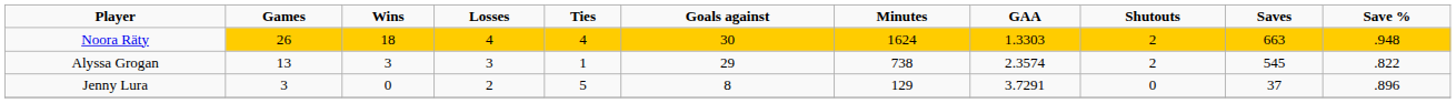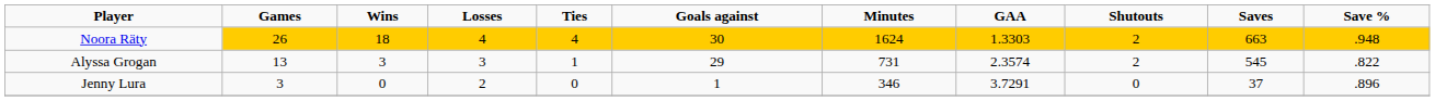 <table class="wikitable" width="80%" style="text-align:center;">
 <tr align="center">
 <td><strong>Player</strong></td>
 <td><strong>Games</strong></td>
 <td><strong>Wins</strong></td>
 <td><strong>Losses</strong></td>
 <td><strong>Ties</strong></td>
 <td><strong>Goals against</strong></td>
 <td><strong>Minutes</strong></td>
 <td><strong>GAA</strong></td>
 <td><strong>Shutouts</strong></td>
 <td><strong>Saves</strong></td>
 <td><strong>Save %</strong></td>
 </tr>
 <tr align="center" bgcolor="">
 <td><a href='#'>Noora Räty</a></td>
 <td bgcolor="#FFCC00">26</td>
 <td bgcolor="#FFCC00">18</td>
 <td bgcolor="#FFCC00">4</td>
 <td bgcolor="#FFCC00">4</td>
 <td bgcolor="#FFCC00">30</td>
 <td bgcolor="#FFCC00">1624</td>
 <td bgcolor="#FFCC00">1.3303</td>
 <td bgcolor="#FFCC00">2</td>
 <td bgcolor="#FFCC00">663</td>
 <td bgcolor="#FFCC00">.948</td>
 </tr>
 <tr align="center" bgcolor="">
 <td>Alyssa Grogan</td>
 <td>13</td>
 <td>3</td>
 <td>3</td>
 <td>1</td>
 <td>29</td>
-<td>738</td>
+<td>731</td>
 <td>2.3574</td>
 <td>2</td>
 <td>545</td>
 <td>.822</td>
 </tr>
 <tr align="center" bgcolor="">
 <td>Jenny Lura</td>
 <td>3</td>
 <td>0</td>
 <td>2</td>
-<td>5</td>
-<td>8</td>
-<td>129</td>
+<td>0</td>
+<td>1</td>
+<td>346</td>
 <td>3.7291</td>
 <td>0</td>
 <td>37</td>
 <td>.896</td>
 </tr>
 <tr align="center" bgcolor="">
 </tr>
 </table>
